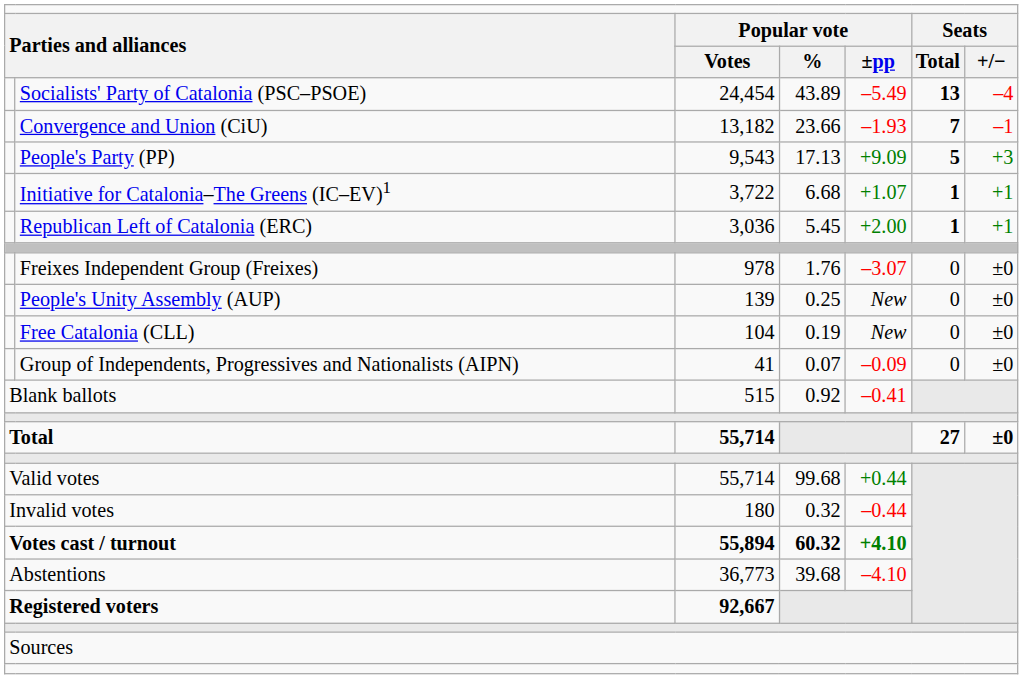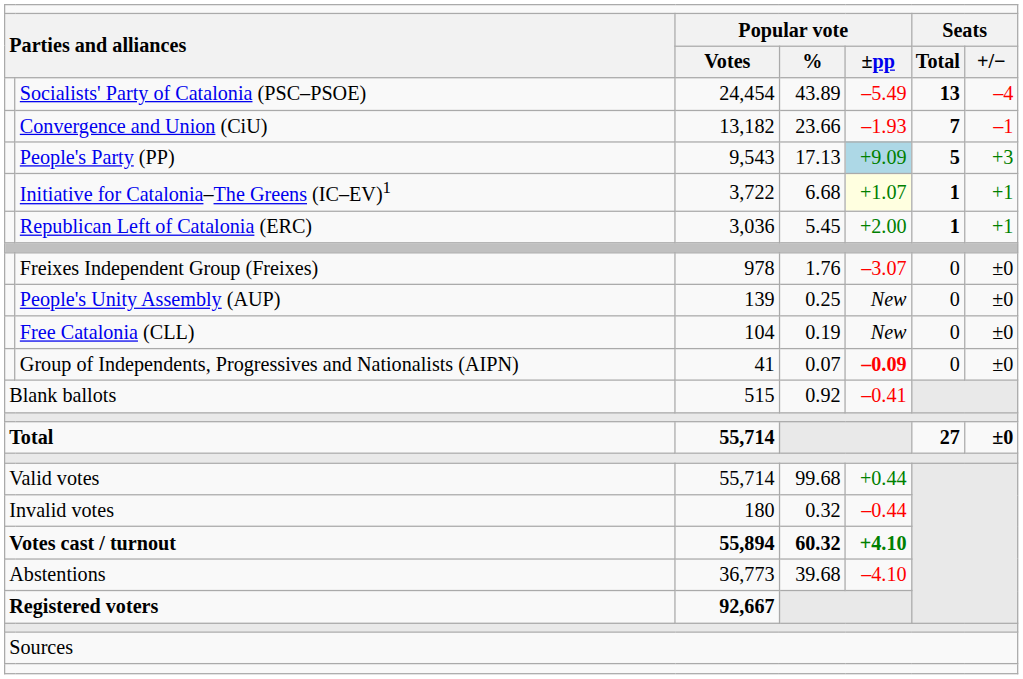 <table class="wikitable" style="text-align:right;">
 <tr>
 <td colspan="7"></td>
 </tr>
 <tr>
 <th style="text-align:left;" rowspan="2" colspan="2" width="525">Parties and alliances</th>
 <th colspan="3">Popular vote</th>
 <th colspan="2">Seats</th>
 </tr>
 <tr>
 <th width="75">Votes</th>
 <th width="45">%</th>
 <th width="45">±<a href='#'>pp</a></th>
 <th width="35">Total</th>
 <th width="35">+/−</th>
 </tr>
 <tr>
 <td width="1" style="color:inherit;background:"></td>
 <td align="left"><a href='#'>Socialists' Party of Catalonia</a> (PSC–PSOE)</td>
 <td>24,454</td>
 <td>43.89</td>
 <td style="color:red;">–5.49</td>
 <td><strong>13</strong></td>
 <td style="color:red;">–4</td>
 </tr>
 <tr>
 <td style="color:inherit;background:"></td>
 <td align="left"><a href='#'>Convergence and Union</a> (CiU)</td>
 <td>13,182</td>
 <td>23.66</td>
 <td style="color:red;">–1.93</td>
 <td><strong>7</strong></td>
 <td style="color:red;">–1</td>
 </tr>
 <tr>
 <td style="color:inherit;background:"></td>
 <td align="left"><a href='#'>People's Party</a> (PP)</td>
 <td>9,543</td>
 <td>17.13</td>
-<td style="color:green;">+9.09</td>
+<td style="background: lightblue; color:green;">+9.09</td>
 <td><strong>5</strong></td>
 <td style="color:green;">+3</td>
 </tr>
 <tr>
 <td style="color:inherit;background:"></td>
 <td align="left"><a href='#'>Initiative for Catalonia</a>–<a href='#'>The Greens</a> (IC–EV)<sup>1</sup></td>
 <td>3,722</td>
 <td>6.68</td>
-<td style="color:green;">+1.07</td>
+<td style="background: lightyellow; color:green;">+1.07</td>
 <td><strong>1</strong></td>
 <td style="color:green;">+1</td>
 </tr>
 <tr>
 <td style="color:inherit;background:"></td>
 <td align="left"><a href='#'>Republican Left of Catalonia</a> (ERC)</td>
 <td>3,036</td>
 <td>5.45</td>
 <td style="color:green;">+2.00</td>
 <td><strong>1</strong></td>
 <td style="color:green;">+1</td>
 </tr>
 <tr>
 <td colspan="7" style="color:inherit;background:#C0C0C0"></td>
 </tr>
 <tr>
 <td style="color:inherit;background:"></td>
 <td align="left">Freixes Independent Group (Freixes)</td>
 <td>978</td>
 <td>1.76</td>
 <td style="color:red;">–3.07</td>
 <td>0</td>
 <td>±0</td>
 </tr>
 <tr>
 <td style="color:inherit;background:"></td>
 <td align="left"><a href='#'>People's Unity Assembly</a> (AUP)</td>
 <td>139</td>
 <td>0.25</td>
 <td><em>New</em></td>
 <td>0</td>
 <td>±0</td>
 </tr>
 <tr>
 <td style="color:inherit;background:"></td>
 <td align="left"><a href='#'>Free Catalonia</a> (CLL)</td>
 <td>104</td>
 <td>0.19</td>
 <td><em>New</em></td>
 <td>0</td>
 <td>±0</td>
 </tr>
 <tr>
 <td style="color:inherit;background:"></td>
 <td align="left">Group of Independents, Progressives and Nationalists (AIPN)</td>
 <td>41</td>
 <td>0.07</td>
-<td style="color:red;">–0.09</td>
+<td style="color:red;"><strong>–0.09</strong></td>
 <td>0</td>
 <td>±0</td>
 </tr>
 <tr>
 <td align="left" colspan="2">Blank ballots</td>
 <td>515</td>
 <td>0.92</td>
 <td style="color:red;">–0.41</td>
 <td style="color:inherit;background:#E9E9E9" colspan="2"></td>
 </tr>
 <tr>
 <td colspan="7" style="color:inherit;background:#E9E9E9"></td>
 </tr>
 <tr style="font-weight:bold;">
 <td align="left" colspan="2">Total</td>
 <td>55,714</td>
 <td bgcolor="#E9E9E9" colspan="2"></td>
 <td>27</td>
 <td>±0</td>
 </tr>
 <tr>
 <td colspan="7" style="color:inherit;background:#E9E9E9"></td>
 </tr>
 <tr>
 <td align="left" colspan="2">Valid votes</td>
 <td>55,714</td>
 <td>99.68</td>
 <td style="color:green;">+0.44</td>
 <td bgcolor="#E9E9E9" colspan="2" rowspan="5"></td>
 </tr>
 <tr>
 <td align="left" colspan="2">Invalid votes</td>
 <td>180</td>
 <td>0.32</td>
 <td style="color:red;">–0.44</td>
 </tr>
 <tr style="font-weight:bold;">
 <td align="left" colspan="2">Votes cast / turnout</td>
 <td>55,894</td>
 <td>60.32</td>
 <td style="color:green;">+4.10</td>
 </tr>
 <tr>
 <td align="left" colspan="2">Abstentions</td>
 <td>36,773</td>
 <td>39.68</td>
 <td style="color:red;">–4.10</td>
 </tr>
 <tr style="font-weight:bold;">
 <td align="left" colspan="2">Registered voters</td>
 <td>92,667</td>
 <td bgcolor="#E9E9E9" colspan="2"></td>
 </tr>
 <tr>
 <td colspan="7" style="color:inherit;background:#E9E9E9"></td>
 </tr>
 <tr>
 <td align="left" colspan="7">Sources</td>
 </tr>
 <tr>
 <td colspan="7" style="text-align:left; max-width:790px;"></td>
 </tr>
 </table>
